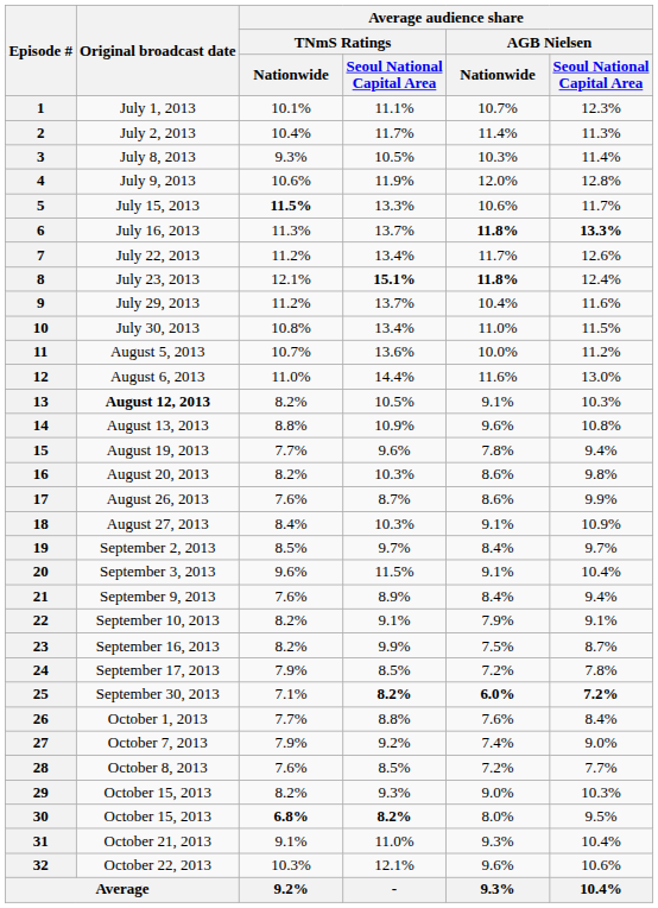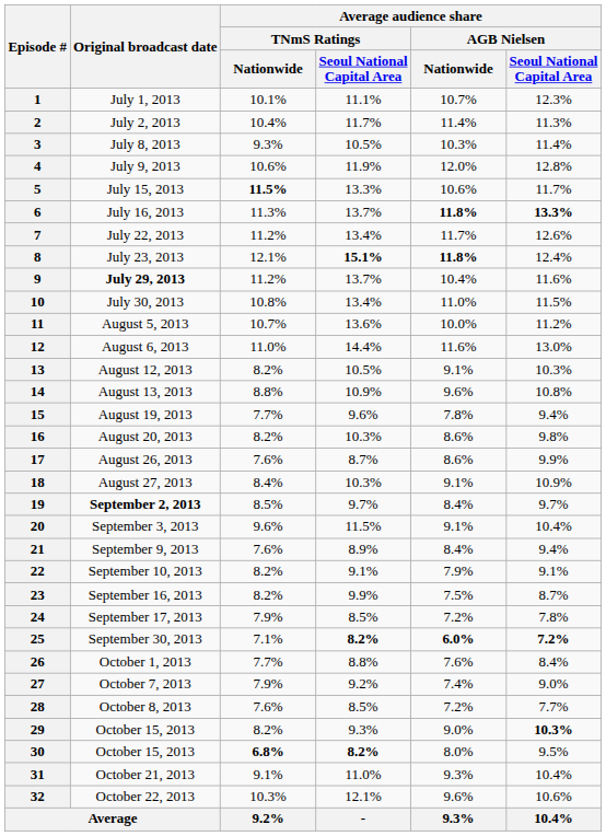 <table class=wikitable style="text-align:center">
 <tr>
 <th rowspan="3">Episode #</th>
 <th rowspan="3">Original broadcast date</th>
 <th colspan="4">Average audience share</th>
 </tr>
 <tr>
 <th colspan="2">TNmS Ratings</th>
 <th colspan="2">AGB Nielsen</th>
 </tr>
 <tr>
 <th width=100>Nationwide</th>
 <th width=100><a href='#'>Seoul National Capital Area</a></th>
 <th width=100>Nationwide</th>
 <th width=100><a href='#'>Seoul National Capital Area</a></th>
 </tr>
 <tr>
 <th>1</th>
 <td>July 1, 2013</td>
 <td>10.1%</td>
 <td>11.1%</td>
 <td>10.7%</td>
 <td>12.3%</td>
 </tr>
 <tr>
 <th>2</th>
 <td>July 2, 2013</td>
 <td>10.4%</td>
 <td>11.7%</td>
 <td>11.4%</td>
 <td>11.3%</td>
 </tr>
 <tr>
 <th>3</th>
 <td>July 8, 2013</td>
 <td>9.3%</td>
 <td>10.5%</td>
 <td>10.3%</td>
 <td>11.4%</td>
 </tr>
 <tr>
 <th>4</th>
 <td>July 9, 2013</td>
 <td>10.6%</td>
 <td>11.9%</td>
 <td>12.0%</td>
 <td>12.8%</td>
 </tr>
 <tr>
 <th>5</th>
 <td>July 15, 2013</td>
 <td><span><strong>11.5%</strong></span></td>
 <td>13.3%</td>
 <td>10.6%</td>
 <td>11.7%</td>
 </tr>
 <tr>
 <th>6</th>
 <td>July 16, 2013</td>
 <td>11.3%</td>
 <td>13.7%</td>
 <td><span><strong>11.8%</strong></span></td>
 <td><span><strong>13.3%</strong></span></td>
 </tr>
 <tr>
 <th>7</th>
 <td>July 22, 2013</td>
 <td>11.2%</td>
 <td>13.4%</td>
 <td>11.7%</td>
 <td>12.6%</td>
 </tr>
 <tr>
 <th>8</th>
 <td>July 23, 2013</td>
 <td>12.1%</td>
 <td><span><strong>15.1%</strong></span></td>
 <td><span><strong>11.8%</strong></span></td>
 <td>12.4%</td>
 </tr>
 <tr>
 <th>9</th>
-<td>July 29, 2013</td>
+<td><strong>July 29, 2013</strong></td>
 <td>11.2%</td>
 <td>13.7%</td>
 <td>10.4%</td>
 <td>11.6%</td>
 </tr>
 <tr>
 <th>10</th>
 <td>July 30, 2013</td>
 <td>10.8%</td>
 <td>13.4%</td>
 <td>11.0%</td>
 <td>11.5%</td>
 </tr>
 <tr>
 <th>11</th>
 <td>August 5, 2013</td>
 <td>10.7%</td>
 <td>13.6%</td>
 <td>10.0%</td>
 <td>11.2%</td>
 </tr>
 <tr>
 <th>12</th>
 <td>August 6, 2013</td>
 <td>11.0%</td>
 <td>14.4%</td>
 <td>11.6%</td>
 <td>13.0%</td>
 </tr>
 <tr>
 <th>13</th>
-<td><strong>August 12, 2013</strong></td>
+<td>August 12, 2013</td>
 <td>8.2%</td>
 <td>10.5%</td>
 <td>9.1%</td>
 <td>10.3%</td>
 </tr>
 <tr>
 <th>14</th>
 <td>August 13, 2013</td>
 <td>8.8%</td>
 <td>10.9%</td>
 <td>9.6%</td>
 <td>10.8%</td>
 </tr>
 <tr>
 <th>15</th>
 <td>August 19, 2013</td>
 <td>7.7%</td>
 <td>9.6%</td>
 <td>7.8%</td>
 <td>9.4%</td>
 </tr>
 <tr>
 <th>16</th>
 <td>August 20, 2013</td>
 <td>8.2%</td>
 <td>10.3%</td>
 <td>8.6%</td>
 <td>9.8%</td>
 </tr>
 <tr>
 <th>17</th>
 <td>August 26, 2013</td>
 <td>7.6%</td>
 <td>8.7%</td>
 <td>8.6%</td>
 <td>9.9%</td>
 </tr>
 <tr>
 <th>18</th>
 <td>August 27, 2013</td>
 <td>8.4%</td>
 <td>10.3%</td>
 <td>9.1%</td>
 <td>10.9%</td>
 </tr>
 <tr>
 <th>19</th>
-<td>September 2, 2013</td>
+<td><strong>September 2, 2013</strong></td>
 <td>8.5%</td>
 <td>9.7%</td>
 <td>8.4%</td>
 <td>9.7%</td>
 </tr>
 <tr>
 <th>20</th>
 <td>September 3, 2013</td>
 <td>9.6%</td>
 <td>11.5%</td>
 <td>9.1%</td>
 <td>10.4%</td>
 </tr>
 <tr>
 <th>21</th>
 <td>September 9, 2013</td>
 <td>7.6%</td>
 <td>8.9%</td>
 <td>8.4%</td>
 <td>9.4%</td>
 </tr>
 <tr>
 <th>22</th>
 <td>September 10, 2013</td>
 <td>8.2%</td>
 <td>9.1%</td>
 <td>7.9%</td>
 <td>9.1%</td>
 </tr>
 <tr>
 <th>23</th>
 <td>September 16, 2013</td>
 <td>8.2%</td>
 <td>9.9%</td>
 <td>7.5%</td>
 <td>8.7%</td>
 </tr>
 <tr>
 <th>24</th>
 <td>September 17, 2013</td>
 <td>7.9%</td>
 <td>8.5%</td>
 <td>7.2%</td>
 <td>7.8%</td>
 </tr>
 <tr>
 <th>25</th>
 <td>September 30, 2013</td>
 <td>7.1%</td>
 <td><span><strong>8.2%</strong></span></td>
 <td><span><strong>6.0%</strong></span></td>
 <td><span><strong>7.2%</strong></span></td>
 </tr>
 <tr>
 <th>26</th>
 <td>October 1, 2013</td>
 <td>7.7%</td>
 <td>8.8%</td>
 <td>7.6%</td>
 <td>8.4%</td>
 </tr>
 <tr>
 <th>27</th>
 <td>October 7, 2013</td>
 <td>7.9%</td>
 <td>9.2%</td>
 <td>7.4%</td>
 <td>9.0%</td>
 </tr>
 <tr>
 <th>28</th>
 <td>October 8, 2013</td>
 <td>7.6%</td>
 <td>8.5%</td>
 <td>7.2%</td>
 <td>7.7%</td>
 </tr>
 <tr>
 <th>29</th>
 <td>October 15, 2013</td>
 <td>8.2%</td>
 <td>9.3%</td>
 <td>9.0%</td>
-<td>10.3%</td>
+<td><strong>10.3%</strong></td>
 </tr>
 <tr>
 <th>30</th>
 <td>October 15, 2013</td>
 <td><span><strong>6.8%</strong></span></td>
 <td><span><strong>8.2%</strong></span></td>
 <td>8.0%</td>
 <td>9.5%</td>
 </tr>
 <tr>
 <th>31</th>
 <td>October 21, 2013</td>
 <td>9.1%</td>
 <td>11.0%</td>
 <td>9.3%</td>
 <td>10.4%</td>
 </tr>
 <tr>
 <th>32</th>
 <td>October 22, 2013</td>
 <td>10.3%</td>
 <td>12.1%</td>
 <td>9.6%</td>
 <td>10.6%</td>
 </tr>
 <tr>
 <th colspan=2>Average</th>
 <th>9.2%</th>
 <th>-</th>
 <th>9.3%</th>
 <th>10.4%</th>
 </tr>
 </table>
